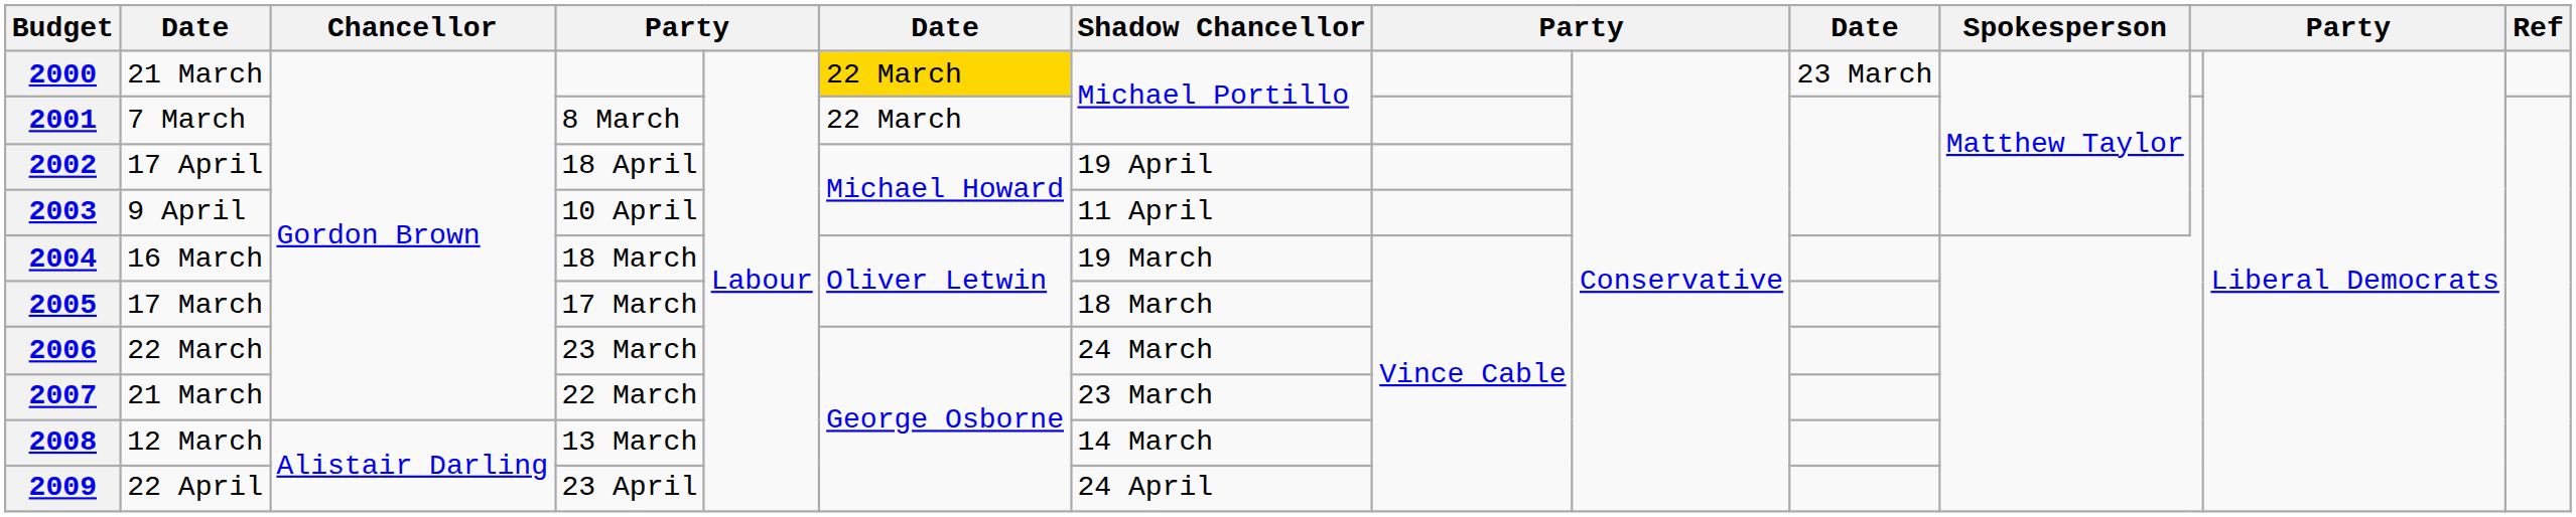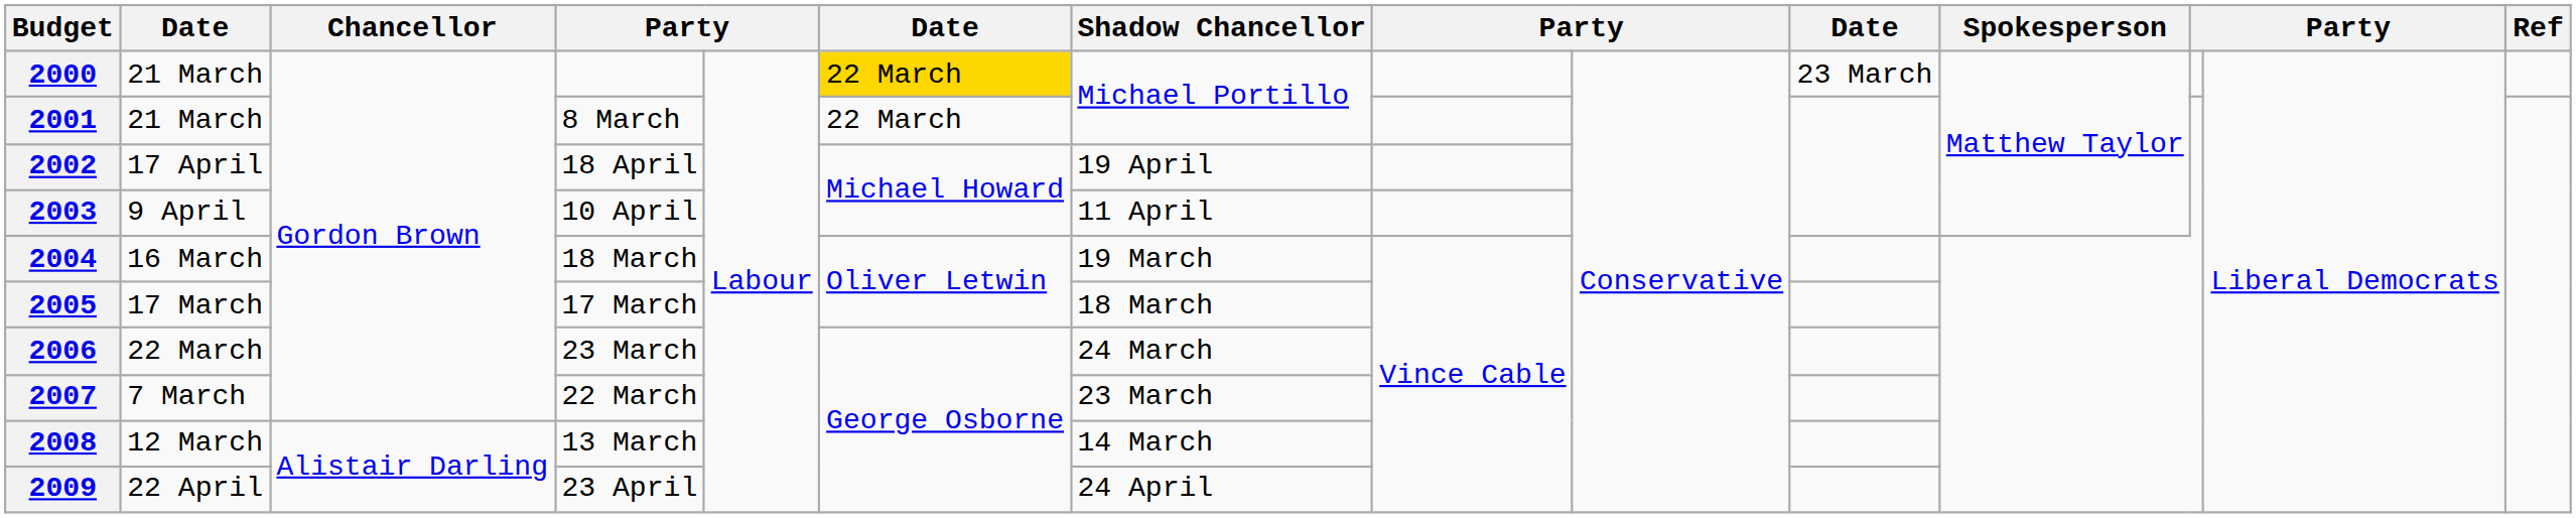 <table class="wikitable">
 <tr>
 <th scope= "col">Budget</th>
 <th scope= "col">Date</th>
 <th scope= "col">Chancellor</th>
 <th colspan= "2">Party</th>
 <th scope= "col">Date</th>
 <th scope= "col">Shadow Chancellor</th>
 <th colspan= "2">Party</th>
 <th scope="col ">Date</th>
 <th scope="col">Spokesperson</th>
 <th colspan="2">Party</th>
 <th scope="col">Ref</th>
 </tr>
 <tr>
 <th><a href='#'>2000</a></th>
 <td>21 March</td>
 <td rowspan="8"><a href='#'>Gordon Brown</a></td>
 <td style="background-color: "></td>
 <td rowspan= "10"><a href='#'>Labour</a></td>
 <td style="background: gold;">22 March</td>
 <td rowspan="2"><a href='#'>Michael Portillo</a></td>
 <td style="background-color: "></td>
 <td rowspan= "10"><a href='#'>Conservative</a></td>
 <td>23 March</td>
 <td rowspan="4"><a href='#'>Matthew Taylor</a></td>
 <td style="background-color: "></td>
 <td rowspan= "10"><a href='#'>Liberal Democrats</a></td>
 <td></td>
 </tr>
 <tr>
 <th><a href='#'>2001</a></th>
-<td>7 March</td>
+<td>21 March</td>
 <td>8 March</td>
 <td>22 March</td>
 <td></td>
 </tr>
 <tr>
 <th><a href='#'>2002</a></th>
 <td>17 April</td>
 <td>18 April</td>
 <td rowspan="2"><a href='#'>Michael Howard</a></td>
 <td>19 April</td>
 <td></td>
 </tr>
 <tr>
 <th><a href='#'>2003</a></th>
 <td>9 April</td>
 <td>10 April</td>
 <td>11 April</td>
 <td></td>
 </tr>
 <tr>
 <th><a href='#'>2004</a></th>
 <td>16 March</td>
 <td>18 March</td>
 <td rowspan="2"><a href='#'>Oliver Letwin</a></td>
 <td>19 March</td>
 <td rowspan="6"><a href='#'>Vince Cable</a></td>
 <td></td>
 </tr>
 <tr>
 <th><a href='#'>2005</a></th>
 <td>17 March</td>
 <td>17 March</td>
 <td>18 March</td>
 <td></td>
 </tr>
 <tr>
 <th><a href='#'>2006</a></th>
 <td>22 March</td>
 <td>23 March</td>
 <td rowspan="4"><a href='#'>George Osborne</a></td>
 <td>24 March</td>
 <td></td>
 </tr>
 <tr>
 <th><a href='#'>2007</a></th>
-<td>21 March</td>
+<td>7 March</td>
 <td>22 March</td>
 <td>23 March</td>
 <td></td>
 </tr>
 <tr>
 <th><a href='#'>2008</a></th>
 <td>12 March</td>
 <td rowspan="2"><a href='#'>Alistair Darling</a></td>
 <td>13 March</td>
 <td>14 March</td>
 <td></td>
 </tr>
 <tr>
 <th><a href='#'>2009</a></th>
 <td>22 April</td>
 <td>23 April</td>
 <td>24 April</td>
 <td></td>
 </tr>
 </table>
